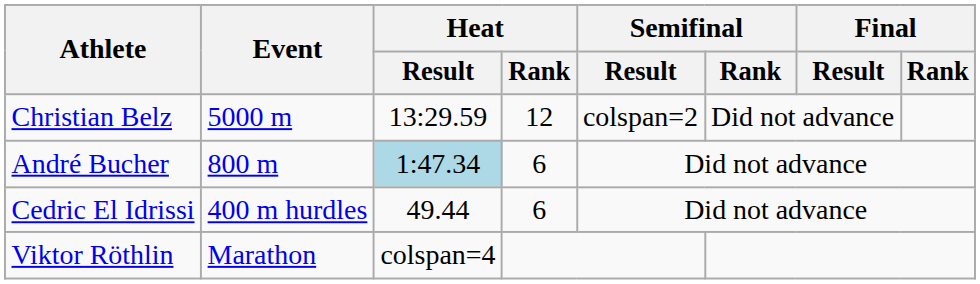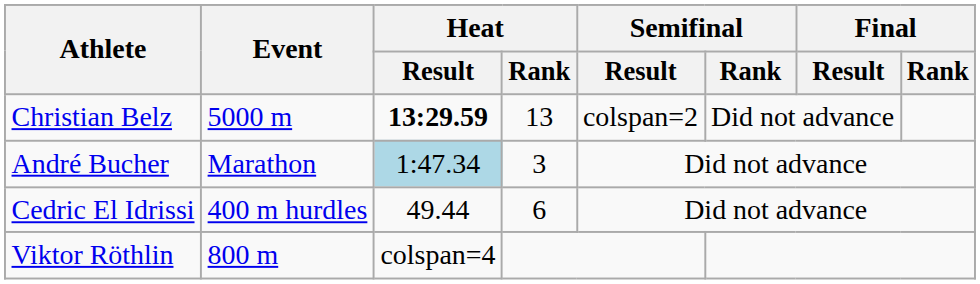 <table class=wikitable style="font-size:90%">
 <tr>
 <th rowspan="2">Athlete</th>
 <th rowspan="2">Event</th>
 <th colspan="2">Heat</th>
 <th colspan="2">Semifinal</th>
 <th colspan="2">Final</th>
 </tr>
 <tr style="font-size:95%">
 <th>Result</th>
 <th>Rank</th>
 <th>Result</th>
 <th>Rank</th>
 <th>Result</th>
 <th>Rank</th>
 </tr>
 <tr align=center>
 <td align=left><a href='#'>Christian Belz</a></td>
 <td align=left><a href='#'>5000 m</a></td>
-<td>13:29.59</td>
-<td>12</td>
+<td><strong>13:29.59</strong></td>
+<td>13</td>
 <td>colspan=2 </td>
 <td colspan=2>Did not advance</td>
 </tr>
 <tr align=center>
 <td align=left><a href='#'>André Bucher</a></td>
-<td align=left><a href='#'>800 m</a></td>
+<td align=left><a href='#'>Marathon</a></td>
 <td style="background: lightblue;">1:47.34</td>
-<td>6</td>
+<td>3</td>
 <td colspan=4>Did not advance</td>
 </tr>
 <tr align=center>
 <td align=left><a href='#'>Cedric El Idrissi</a></td>
 <td align=left><a href='#'>400 m hurdles</a></td>
 <td>49.44</td>
 <td>6</td>
 <td colspan=4>Did not advance</td>
 </tr>
 <tr align=center>
 <td align=left><a href='#'>Viktor Röthlin</a></td>
-<td align=left><a href='#'>Marathon</a></td>
+<td align=left><a href='#'>800 m</a></td>
 <td>colspan=4 </td>
 <td colspan=2></td>
 </tr>
 </table>
